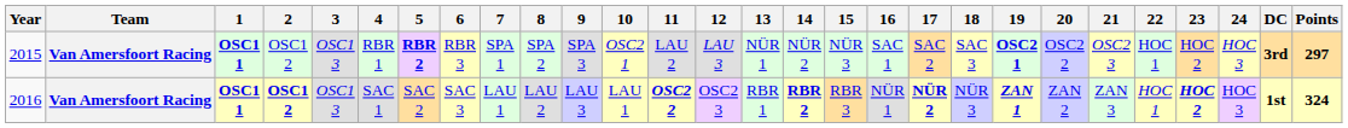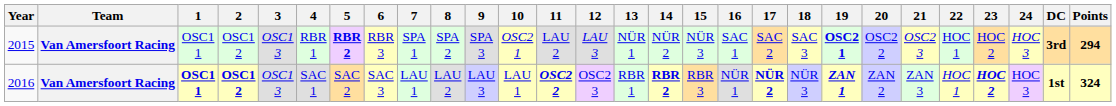 <table class="wikitable" style="text-align:center; font-size:85%">
 <tr>
 <th>Year</th>
 <th>Team</th>
 <th>1</th>
 <th>2</th>
 <th>3</th>
 <th>4</th>
 <th>5</th>
 <th>6</th>
 <th>7</th>
 <th>8</th>
 <th>9</th>
 <th>10</th>
 <th>11</th>
 <th>12</th>
 <th>13</th>
 <th>14</th>
 <th>15</th>
 <th>16</th>
 <th>17</th>
 <th>18</th>
 <th>19</th>
 <th>20</th>
 <th>21</th>
 <th>22</th>
 <th>23</th>
 <th>24</th>
 <th>DC</th>
 <th>Points</th>
 </tr>
 <tr>
 <td><a href='#'>2015</a></td>
 <th nowrap><a href='#'>Van Amersfoort Racing</a></th>
-<td style="background:#DFFFDF"><strong><a href='#'>OSC1<br>1</a><br></strong></td>
+<td style="background:#DFFFDF"><a href='#'>OSC1<br>1</a><br></td>
 <td style="background:#DFFFDF"><a href='#'>OSC1<br>2</a><br></td>
 <td style="background:#DFDFDF"><em><a href='#'>OSC1<br>3</a></em><br></td>
 <td style="background:#DFFFDF"><a href='#'>RBR<br>1</a><br></td>
 <td style="background:#EFCFFF"><strong><a href='#'>RBR<br>2</a></strong><br></td>
 <td style="background:#FFFFBF"><a href='#'>RBR<br>3</a><br></td>
 <td style="background:#DFFFDF"><a href='#'>SPA<br>1</a><br></td>
 <td style="background:#DFFFDF"><a href='#'>SPA<br>2</a><br></td>
 <td style="background:#DFDFDF"><a href='#'>SPA<br>3</a><br></td>
 <td style="background:#FFFFBF"><em><a href='#'>OSC2<br>1</a></em><br></td>
 <td style="background:#DFDFDF"><a href='#'>LAU<br>2</a><br></td>
 <td style="background:#DFDFDF"><em><a href='#'>LAU<br>3</a></em><br></td>
 <td style="background:#DFFFDF"><a href='#'>NÜR<br>1</a><br></td>
 <td style="background:#DFFFDF"><a href='#'>NÜR<br>2</a><br></td>
 <td style="background:#DFFFDF"><a href='#'>NÜR<br>3</a><br></td>
 <td style="background:#DFFFDF"><a href='#'>SAC<br>1</a><br></td>
 <td style="background:#FFDF9F"><a href='#'>SAC<br>2</a><br></td>
 <td style="background:#FFFFBF"><a href='#'>SAC<br>3</a><br></td>
 <td style="background:#DFFFDF"><strong><a href='#'>OSC2<br>1</a><br></strong></td>
 <td style="background:#CFCFFF"><a href='#'>OSC2<br>2</a><br></td>
 <td style="background:#FFFFBF"><em><a href='#'>OSC2<br>3</a></em><br></td>
 <td style="background:#DFFFDF"><a href='#'>HOC<br>1</a><br></td>
 <td style="background:#FFDF9F"><a href='#'>HOC<br>2</a><br></td>
 <td style="background:#FFFFBF"><em><a href='#'>HOC<br>3</a></em><br></td>
 <th style="background:#FFDF9F">3rd</th>
-<th style="background:#FFDF9F">297</th>
+<th style="background:#FFDF9F">294</th>
 </tr>
 <tr>
 <td><a href='#'>2016</a></td>
 <th nowrap><a href='#'>Van Amersfoort Racing</a></th>
 <td style="background:#FFFFBF"><strong><a href='#'>OSC1<br>1</a></strong><br></td>
 <td style="background:#FFFFBF"><strong><a href='#'>OSC1<br>2</a></strong><br></td>
 <td style="background:#DFDFDF"><em><a href='#'>OSC1<br>3</a></em><br></td>
 <td style="background:#DFDFDF"><a href='#'>SAC<br>1</a><br></td>
 <td style="background:#FFDF9F"><a href='#'>SAC<br>2</a><br></td>
 <td style="background:#FFFFBF"><a href='#'>SAC<br>3</a><br></td>
 <td style="background:#DFFFDF"><a href='#'>LAU<br>1</a><br></td>
 <td style="background:#DFDFDF"><a href='#'>LAU<br>2</a><br></td>
 <td style="background:#CFCFFF"><a href='#'>LAU<br>3</a><br></td>
 <td style="background:#FFFFBF"><a href='#'>LAU<br>1</a><br></td>
 <td style="background:#FFFFBF"><strong><em><a href='#'>OSC2<br>2</a></em></strong><br></td>
 <td style="background:#EFCFFF"><a href='#'>OSC2<br>3</a><br></td>
 <td style="background:#DFFFDF"><a href='#'>RBR<br>1</a><br></td>
 <td style="background:#FFFFBF"><strong><a href='#'>RBR<br>2</a></strong><br></td>
 <td style="background:#FFDF9F"><a href='#'>RBR<br>3</a><br></td>
 <td style="background:#DFDFDF"><a href='#'>NÜR<br>1</a><br></td>
 <td style="background:#FFFFBF"><strong><a href='#'>NÜR<br>2</a></strong><br></td>
 <td style="background:#CFCFFF"><a href='#'>NÜR<br>3</a><br></td>
 <td style="background:#FFFFBF"><strong><em><a href='#'>ZAN<br>1</a></em></strong><br></td>
 <td style="background:#CFCFFF"><a href='#'>ZAN<br>2</a><br></td>
 <td style="background:#DFFFDF"><a href='#'>ZAN<br>3</a><br></td>
 <td style="background:#FFFFBF"><em><a href='#'>HOC<br>1</a></em><br></td>
 <td style="background:#FFFFBF"><strong><em><a href='#'>HOC<br>2</a></em></strong><br></td>
 <td style="background:#EFCFFF"><a href='#'>HOC<br>3</a><br></td>
 <th style="background:#FFFFBF">1st</th>
 <th style="background:#FFFFBF">324</th>
 </tr>
 </table>
